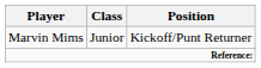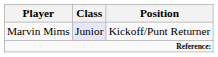 <table class="wikitable">
 <tr>
 <th>Player</th>
 <th>Class</th>
 <th>Position</th>
 </tr>
 <tr>
 <td>Marvin Mims</td>
-<td>Junior</td>
+<td style="background: lavender;">Junior</td>
 <td>Kickoff/Punt Returner</td>
 </tr>
 <tr>
 <td colspan="3"  style="font-size:8pt; text-align:right;"><strong>Reference:</strong></td>
 </tr>
 </table>
